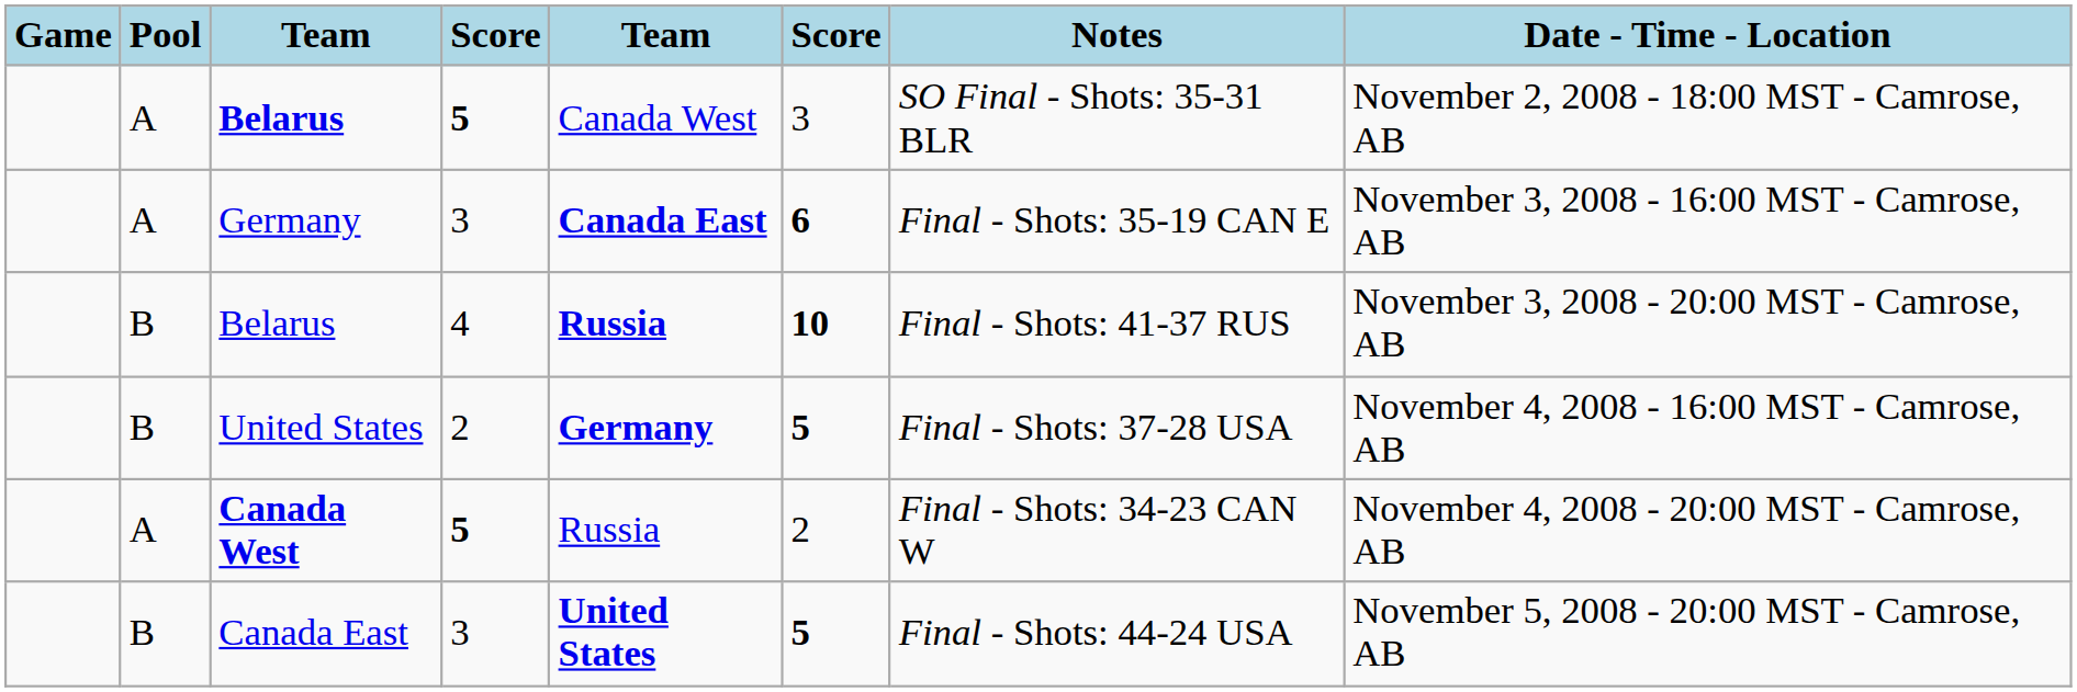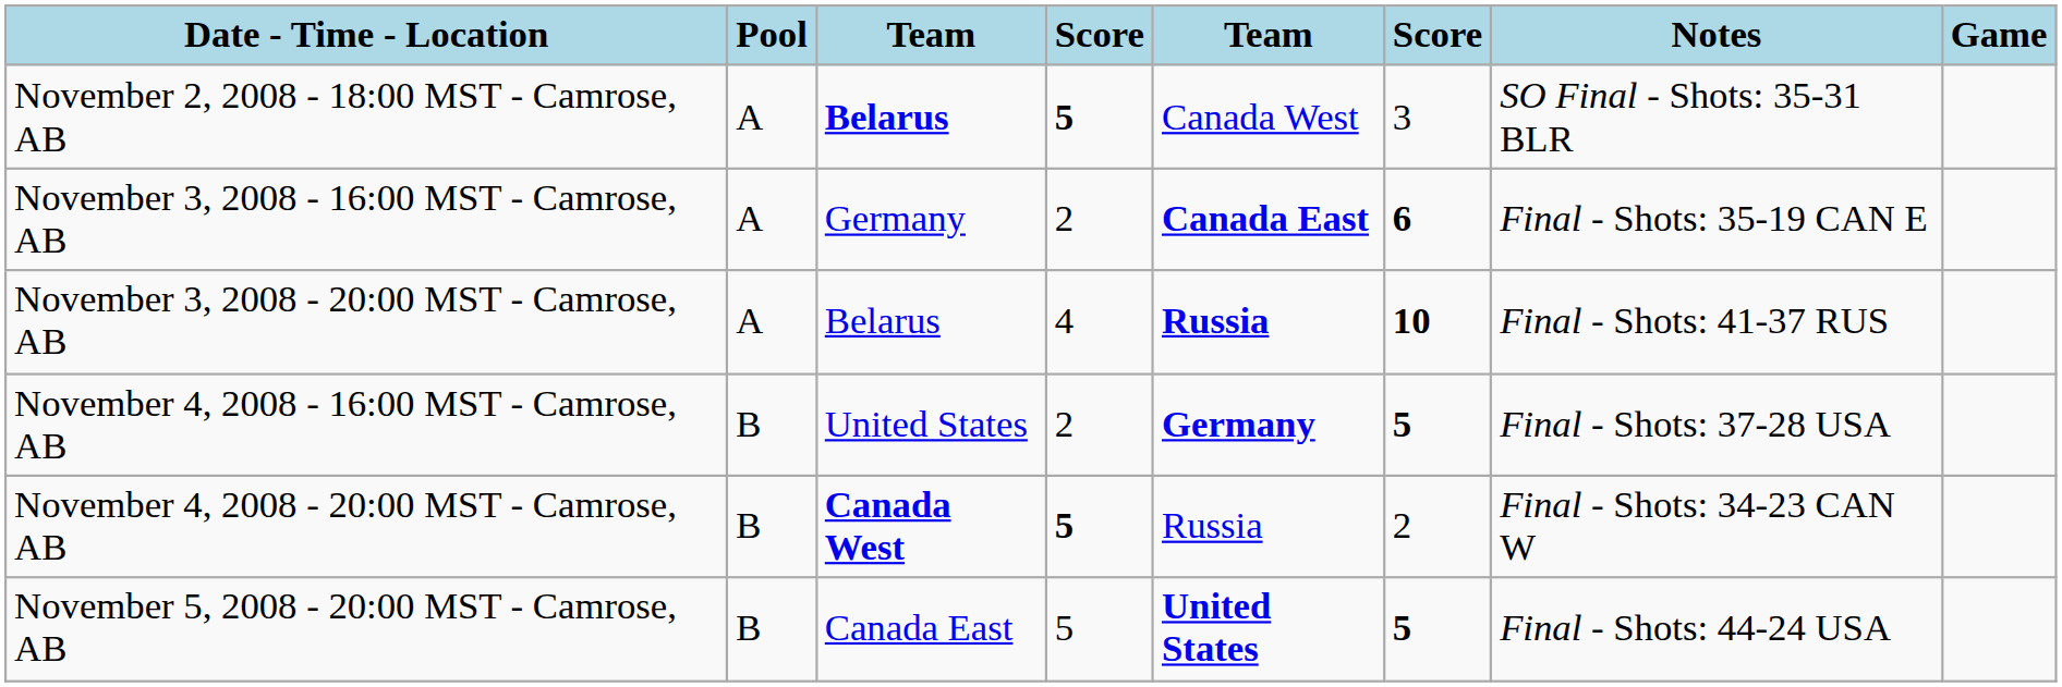 <table class="wikitable">
 <tr>
-<th style="background:lightblue;">Game</th>
+<th style="background:lightblue;">Date - Time - Location</th>
 <th style="background:lightblue;">Pool</th>
 <th style="background:lightblue;">Team</th>
 <th style="background:lightblue;">Score</th>
 <th style="background:lightblue;">Team</th>
 <th style="background:lightblue;">Score</th>
 <th style="background:lightblue;">Notes</th>
-<th style="background:lightblue;">Date - Time - Location</th>
+<th style="background:lightblue;">Game</th>
 </tr>
 <tr bgcolor=>
-<td></td>
+<td>November 2, 2008 - 18:00 MST - Camrose, AB</td>
 <td>A</td>
 <td><strong><a href='#'>Belarus</a></strong></td>
 <td><strong>5</strong></td>
 <td><a href='#'>Canada West</a></td>
 <td>3</td>
 <td><em>SO Final</em> - Shots: 35-31 BLR</td>
-<td>November 2, 2008 - 18:00 MST - Camrose, AB</td>
+<td></td>
 </tr>
 <tr bgcolor=>
-<td></td>
+<td>November 3, 2008 - 16:00 MST - Camrose, AB</td>
 <td>A</td>
 <td><a href='#'>Germany</a></td>
-<td>3</td>
+<td>2</td>
 <td><strong><a href='#'>Canada East</a></strong></td>
 <td><strong>6</strong></td>
 <td><em>Final</em> - Shots: 35-19 CAN E</td>
-<td>November 3, 2008 - 16:00 MST - Camrose, AB</td>
+<td></td>
 </tr>
 <tr bgcolor=>
-<td></td>
-<td>B</td>
+<td>November 3, 2008 - 20:00 MST - Camrose, AB</td>
+<td>A</td>
 <td><a href='#'>Belarus</a></td>
 <td>4</td>
 <td><strong><a href='#'>Russia</a></strong></td>
 <td><strong>10</strong></td>
 <td><em>Final</em> - Shots: 41-37 RUS</td>
-<td>November 3, 2008 - 20:00 MST - Camrose, AB</td>
+<td></td>
 </tr>
 <tr bgcolor=>
-<td></td>
+<td>November 4, 2008 - 16:00 MST - Camrose, AB</td>
 <td>B</td>
 <td><a href='#'>United States</a></td>
 <td>2</td>
 <td><strong><a href='#'>Germany</a></strong></td>
 <td><strong>5</strong></td>
 <td><em>Final</em> - Shots: 37-28 USA</td>
-<td>November 4, 2008 - 16:00 MST - Camrose, AB</td>
+<td></td>
 </tr>
 <tr bgcolor=>
-<td></td>
-<td>A</td>
+<td>November 4, 2008 - 20:00 MST - Camrose, AB</td>
+<td>B</td>
 <td><strong><a href='#'>Canada West</a></strong></td>
 <td><strong>5</strong></td>
 <td><a href='#'>Russia</a></td>
 <td>2</td>
 <td><em>Final</em> - Shots: 34-23 CAN W</td>
-<td>November 4, 2008 - 20:00 MST - Camrose, AB</td>
+<td></td>
 </tr>
 <tr bgcolor=>
-<td></td>
+<td>November 5, 2008 - 20:00 MST - Camrose, AB</td>
 <td>B</td>
 <td><a href='#'>Canada East</a></td>
-<td>3</td>
+<td>5</td>
 <td><strong><a href='#'>United States</a></strong></td>
 <td><strong>5</strong></td>
 <td><em>Final</em> - Shots: 44-24 USA</td>
-<td>November 5, 2008 - 20:00 MST - Camrose, AB</td>
+<td></td>
 </tr>
 </table>
